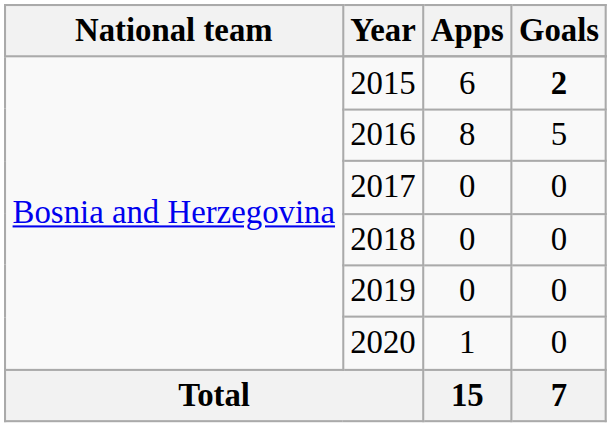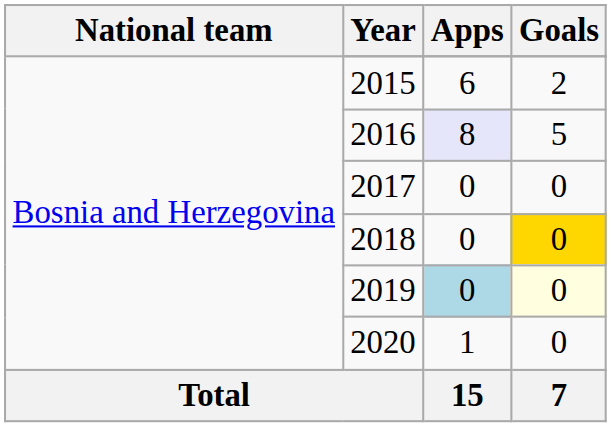 <table class="wikitable" style="text-align:center">
 <tr>
 <th>National team</th>
 <th>Year</th>
 <th>Apps</th>
 <th>Goals</th>
 </tr>
 <tr>
 <td rowspan=7><a href='#'>Bosnia and Herzegovina</a></td>
 </tr>
 <tr>
 <td>2015</td>
 <td>6</td>
-<td><strong>2</strong></td>
+<td>2</td>
 </tr>
 <tr>
 <td>2016</td>
-<td>8</td>
+<td style="background: lavender;">8</td>
 <td>5</td>
 </tr>
 <tr>
 <td>2017</td>
 <td>0</td>
 <td>0</td>
 </tr>
 <tr>
 <td>2018</td>
 <td>0</td>
-<td>0</td>
+<td style="background: gold;">0</td>
 </tr>
 <tr>
 <td>2019</td>
-<td>0</td>
-<td>0</td>
+<td style="background: lightblue;">0</td>
+<td style="background: lightyellow;">0</td>
 </tr>
 <tr>
 <td>2020</td>
 <td>1</td>
 <td>0</td>
 </tr>
 <tr>
 <th colspan=2>Total</th>
 <th>15</th>
 <th>7</th>
 </tr>
 </table>
